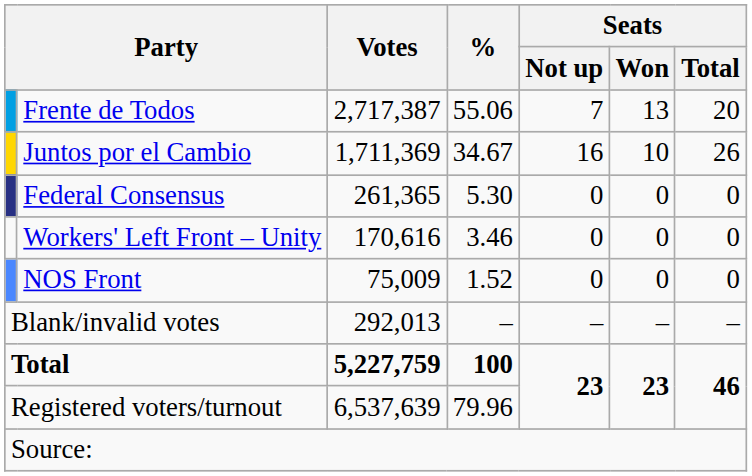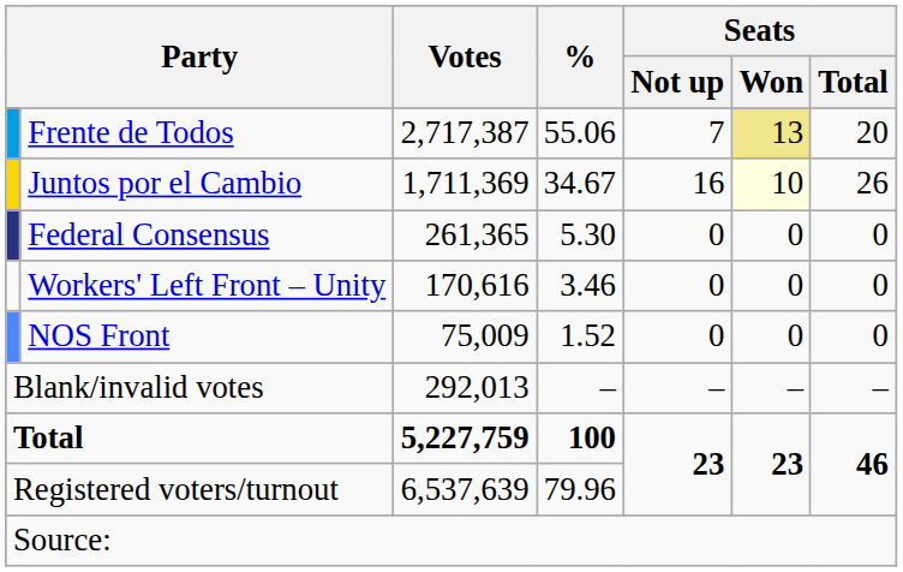 <table class="wikitable" style="text-align:right">
 <tr>
 <th colspan="2" rowspan="2">Party</th>
 <th rowspan="2">Votes</th>
 <th rowspan="2">%</th>
 <th colspan="3">Seats</th>
 </tr>
 <tr>
 <th>Not up</th>
 <th>Won</th>
 <th>Total</th>
 </tr>
 <tr>
 <td style="color:inherit;background:#009FE3"></td>
 <td align="left"><a href='#'>Frente de Todos</a></td>
 <td>2,717,387</td>
 <td>55.06</td>
 <td>7</td>
-<td>13</td>
+<td style="background: khaki;">13</td>
 <td>20</td>
 </tr>
 <tr>
 <td style="color:inherit;background:#FFD700"></td>
 <td align="left"><a href='#'>Juntos por el Cambio</a></td>
 <td>1,711,369</td>
 <td>34.67</td>
 <td>16</td>
-<td>10</td>
+<td style="background: lightyellow;">10</td>
 <td>26</td>
 </tr>
 <tr>
 <td style="color:inherit;background:#283084"></td>
 <td align="left"><a href='#'>Federal Consensus</a></td>
 <td>261,365</td>
 <td>5.30</td>
 <td>0</td>
 <td>0</td>
 <td>0</td>
 </tr>
 <tr>
 <td></td>
 <td align="left"><a href='#'>Workers' Left Front – Unity</a></td>
 <td>170,616</td>
 <td>3.46</td>
 <td>0</td>
 <td>0</td>
 <td>0</td>
 </tr>
 <tr>
 <td style="color:inherit;background:#4A87FF"></td>
 <td align="left"><a href='#'>NOS Front</a></td>
 <td>75,009</td>
 <td>1.52</td>
 <td>0</td>
 <td>0</td>
 <td>0</td>
 </tr>
 <tr>
 <td colspan="2" align="left">Blank/invalid votes</td>
 <td>292,013</td>
 <td>–</td>
 <td>–</td>
 <td>–</td>
 <td>–</td>
 </tr>
 <tr>
 <td colspan="2" align="left"><strong>Total</strong></td>
 <td><strong>5,227,759</strong></td>
 <td><strong>100</strong></td>
 <td rowspan="2"><strong>23</strong></td>
 <td rowspan="2"><strong>23</strong></td>
 <td rowspan="2"><strong>46</strong></td>
 </tr>
 <tr>
 <td colspan="2" align="left">Registered voters/turnout</td>
 <td>6,537,639</td>
 <td>79.96</td>
 </tr>
 <tr>
 <td colspan="7" align="left">Source: </td>
 </tr>
 </table>
